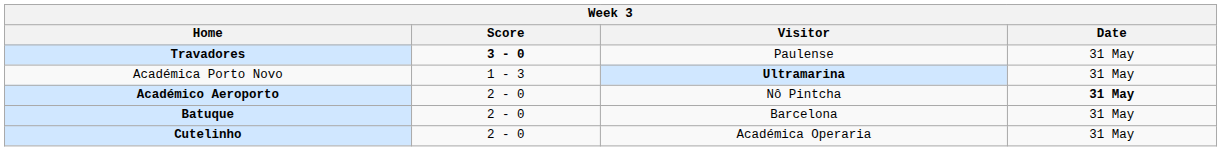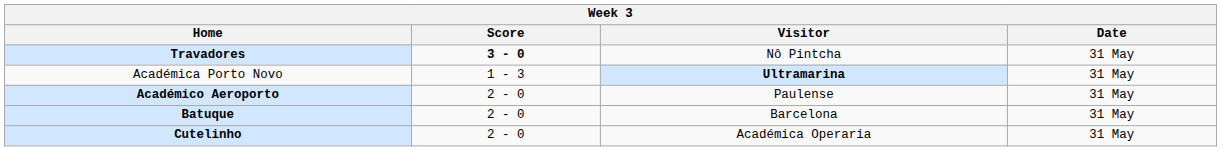 <table class="wikitable" style="font-size:95%; text-align: center; width: 95%;">
 <tr>
 <th colspan="12" style="with: 100%;" align=center>Week 3</th>
 </tr>
 <tr>
 <th width="200">Home</th>
 <th width="90">Score</th>
 <th width="200">Visitor</th>
 <th width="100">Date</th>
 </tr>
 <tr align=center>
 <td bgcolor=#D0E7FF><strong>Travadores</strong></td>
 <td><strong>3 - 0</strong></td>
-<td>Paulense</td>
+<td>Nô Pintcha</td>
 <td>31 May</td>
 </tr>
 <tr align=center>
 <td>Académica Porto Novo</td>
 <td>1 - 3</td>
 <td bgcolor=#D0E7FF><strong>Ultramarina</strong></td>
 <td>31 May</td>
 </tr>
 <tr align=center>
 <td bgcolor=#D0E7FF><strong>Académico Aeroporto</strong></td>
 <td>2 - 0</td>
-<td>Nô Pintcha</td>
-<td><strong>31 May</strong></td>
+<td>Paulense</td>
+<td>31 May</td>
 </tr>
 <tr align=center>
 <td bgcolor=#D0E7FF><strong>Batuque</strong></td>
 <td>2 - 0</td>
 <td>Barcelona</td>
 <td>31 May</td>
 </tr>
 <tr align=center>
 <td bgcolor=#D0E7FF><strong>Cutelinho</strong></td>
 <td>2 - 0</td>
 <td>Académica Operaria</td>
 <td>31 May</td>
 </tr>
 </table>
